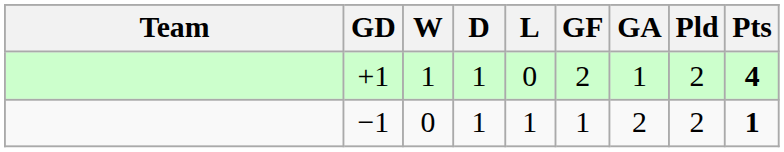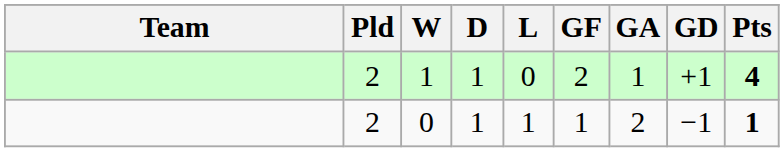 <table class="wikitable" style="text-align:center;">
 <tr>
 <th width=175>Team</th>
-<th width=20 abbr="Goal difference">GD</th>
+<th width=20 abbr="Played">Pld</th>
 <th width=20 abbr="Won">W</th>
 <th width=20 abbr="Drawn">D</th>
 <th width=20 abbr="Lost">L</th>
 <th width=20 abbr="Goals for">GF</th>
 <th width=20 abbr="Goals against">GA</th>
-<th width=20 abbr="Played">Pld</th>
+<th width=20 abbr="Goal difference">GD</th>
 <th width=20 abbr="Points">Pts</th>
 </tr>
 <tr bgcolor=#ccffcc>
 <td align=left></td>
-<td>+1</td>
+<td>2</td>
 <td>1</td>
 <td>1</td>
 <td>0</td>
 <td>2</td>
 <td>1</td>
-<td>2</td>
+<td>+1</td>
 <td><strong>4</strong></td>
 </tr>
 <tr>
 <td align=left></td>
-<td>−1</td>
+<td>2</td>
 <td>0</td>
 <td>1</td>
 <td>1</td>
 <td>1</td>
 <td>2</td>
-<td>2</td>
+<td>−1</td>
 <td><strong>1</strong></td>
 </tr>
 </table>
